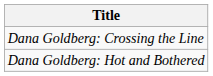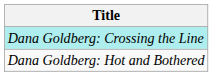 <table class="wikitable">
 <tr>
 <th>Title</th>
 </tr>
 <tr>
-<td><em>Dana Goldberg: Crossing the Line</em></td>
+<td style="background: paleturquoise;"><em>Dana Goldberg: Crossing the Line</em></td>
 </tr>
 <tr>
 <td><em>Dana Goldberg: Hot and Bothered</em></td>
 </tr>
 </table>
